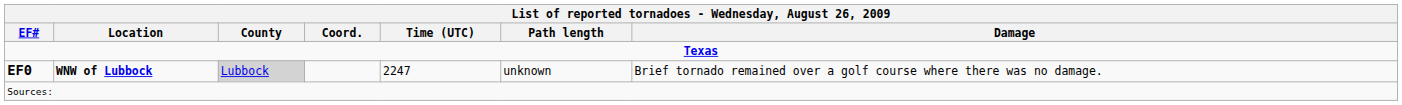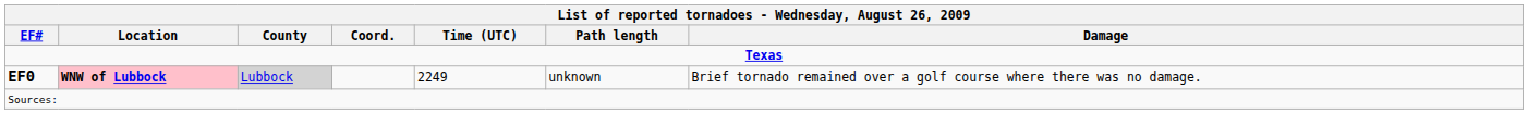 <table class="wikitable collapsible" style="width:100%;">
 <tr>
 <th colspan="7">List of reported tornadoes - Wednesday, August 26, 2009</th>
 </tr>
 <tr>
 <th><a href='#'>EF#</a></th>
 <th>Location</th>
 <th>County</th>
 <th>Coord.</th>
 <th>Time (UTC)</th>
 <th>Path length</th>
 <th>Damage</th>
 </tr>
 <tr>
 <td colspan="7" style="text-align:center;"><strong><a href='#'>Texas</a></strong></td>
 </tr>
 <tr>
 <td><big><strong>EF0</strong></big></td>
-<td><strong>WNW of <a href='#'>Lubbock</a></strong></td>
+<td style="background: pink;"><strong>WNW of <a href='#'>Lubbock</a></strong></td>
 <td style="background: lightgrey;"><a href='#'>Lubbock</a></td>
 <td></td>
-<td>2247</td>
+<td>2249</td>
 <td>unknown</td>
 <td>Brief tornado remained over a golf course where there was no damage.</td>
 </tr>
 <tr>
 <td colspan="7"><small>Sources: </small></td>
 </tr>
 </table>
